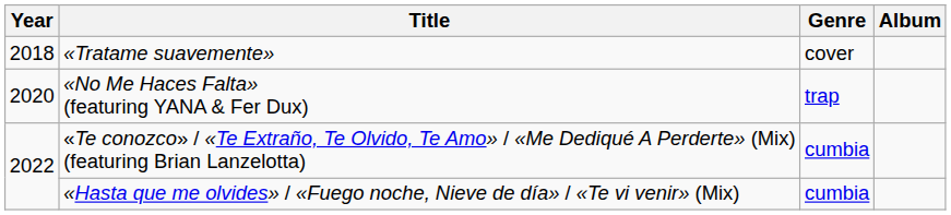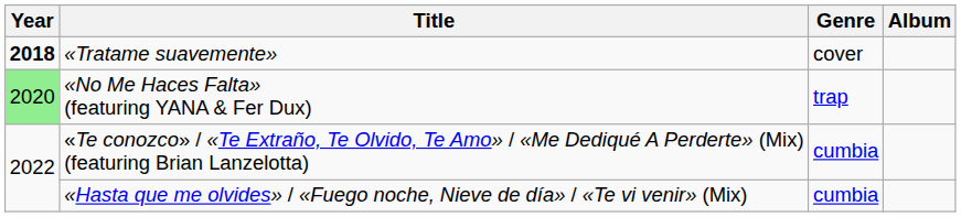 <table class="wikitable">
 <tr>
 <th>Year</th>
 <th>Title</th>
 <th>Genre</th>
 <th>Album</th>
 </tr>
 <tr>
-<td>2018</td>
+<td><strong>2018</strong></td>
 <td><em>«Tratame suavemente»</em></td>
 <td>cover</td>
 <td></td>
 </tr>
 <tr>
-<td>2020</td>
+<td style="background: lightgreen;">2020</td>
 <td><em>«No Me Haces Falta»</em><br>(featuring YANA & Fer Dux)</td>
 <td><a href='#'>trap</a></td>
 <td></td>
 </tr>
 <tr>
 <td rowspan="2">2022</td>
 <td>«<em>Te conozco</em>» / <em>«<a href='#'>Te Extraño, Te Olvido, Te Amo</a>»</em> / <em>«Me Dediqué A Perderte»</em> (Mix)<br>(featuring Brian Lanzelotta)</td>
 <td><a href='#'>cumbia</a></td>
 <td></td>
 </tr>
 <tr>
 <td><em>«<a href='#'>Hasta que me olvides</a>»</em> / <em>«Fuego noche, Nieve de día»</em> / <em>«Te vi venir»</em> (Mix)</td>
 <td><a href='#'>cumbia</a></td>
 <td></td>
 </tr>
 </table>
